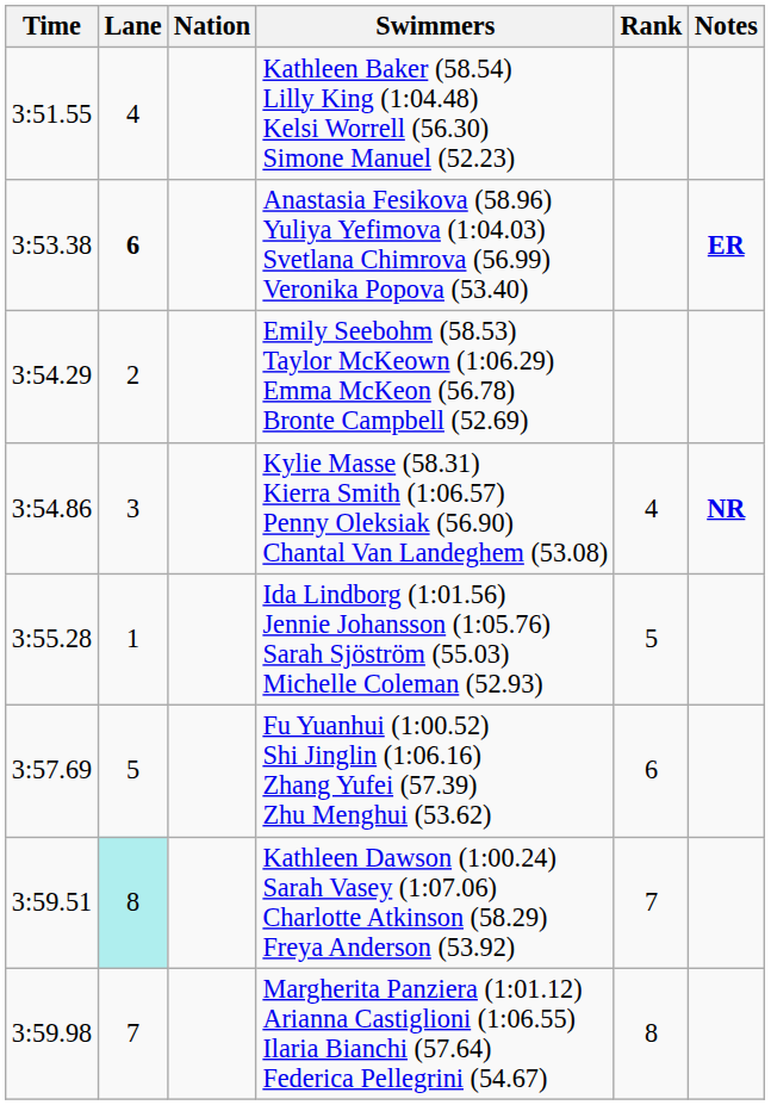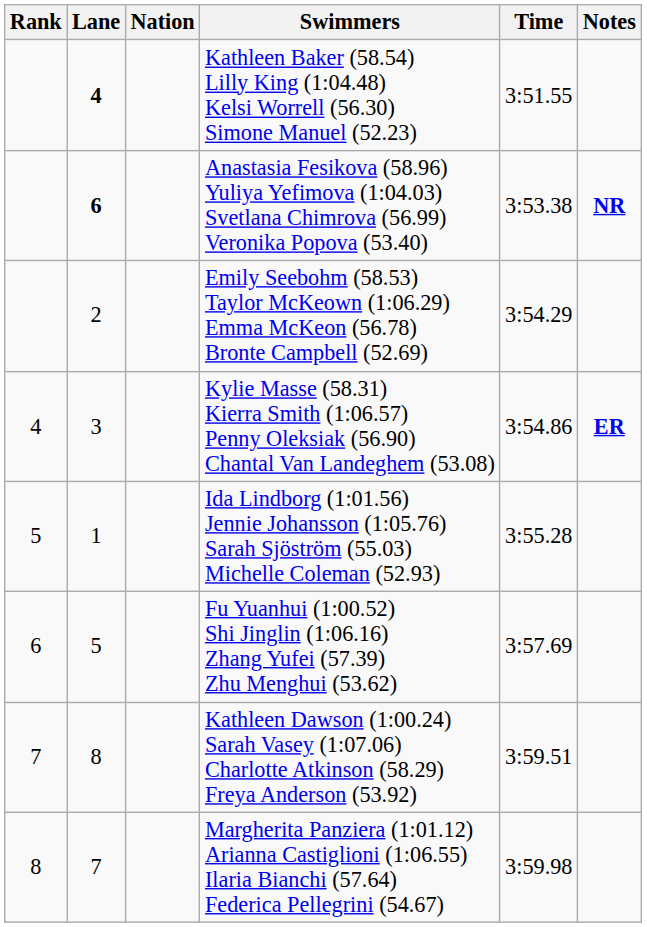 <table class="wikitable sortable" style="text-align:center">
 <tr>
-<th>Time</th>
+<th>Rank</th>
 <th>Lane</th>
 <th>Nation</th>
 <th>Swimmers</th>
-<th>Rank</th>
+<th>Time</th>
 <th>Notes</th>
 </tr>
 <tr>
-<td>3:51.55</td>
-<td>4</td>
+<td></td>
+<td><strong>4</strong></td>
 <td align=left></td>
 <td align=left><a href='#'>Kathleen Baker</a> (58.54)<br><a href='#'>Lilly King</a> (1:04.48)<br><a href='#'>Kelsi Worrell</a> (56.30)<br><a href='#'>Simone Manuel</a> (52.23)</td>
-<td></td>
+<td>3:51.55</td>
 <td></td>
 </tr>
 <tr>
-<td>3:53.38</td>
+<td></td>
 <td><strong>6</strong></td>
 <td align=left></td>
 <td align=left><a href='#'>Anastasia Fesikova</a> (58.96)<br><a href='#'>Yuliya Yefimova</a> (1:04.03)<br><a href='#'>Svetlana Chimrova</a> (56.99)<br><a href='#'>Veronika Popova</a> (53.40)</td>
+<td>3:53.38</td>
+<td><strong><a href='#'>NR</a></strong></td>
+</tr>
+<tr>
 <td></td>
+<td>2</td>
+<td align=left></td>
+<td align=left><a href='#'>Emily Seebohm</a> (58.53)<br><a href='#'>Taylor McKeown</a> (1:06.29)<br><a href='#'>Emma McKeon</a> (56.78)<br><a href='#'>Bronte Campbell</a> (52.69)</td>
+<td>3:54.29</td>
+<td></td>
+</tr>
+<tr>
+<td>4</td>
+<td>3</td>
+<td align=left></td>
+<td align=left><a href='#'>Kylie Masse</a> (58.31)<br><a href='#'>Kierra Smith</a> (1:06.57)<br><a href='#'>Penny Oleksiak</a> (56.90)<br><a href='#'>Chantal Van Landeghem</a> (53.08)</td>
+<td>3:54.86</td>
 <td><strong><a href='#'>ER</a></strong></td>
 </tr>
 <tr>
-<td>3:54.29</td>
-<td>2</td>
+<td>5</td>
+<td>1</td>
 <td align=left></td>
-<td align=left><a href='#'>Emily Seebohm</a> (58.53)<br><a href='#'>Taylor McKeown</a> (1:06.29)<br><a href='#'>Emma McKeon</a> (56.78)<br><a href='#'>Bronte Campbell</a> (52.69)</td>
-<td></td>
+<td align=left><a href='#'>Ida Lindborg</a> (1:01.56)<br><a href='#'>Jennie Johansson</a> (1:05.76)<br><a href='#'>Sarah Sjöström</a> (55.03)<br><a href='#'>Michelle Coleman</a> (52.93)</td>
+<td>3:55.28</td>
 <td></td>
 </tr>
 <tr>
-<td>3:54.86</td>
-<td>3</td>
+<td>6</td>
+<td>5</td>
 <td align=left></td>
-<td align=left><a href='#'>Kylie Masse</a> (58.31)<br><a href='#'>Kierra Smith</a> (1:06.57)<br><a href='#'>Penny Oleksiak</a> (56.90)<br><a href='#'>Chantal Van Landeghem</a> (53.08)</td>
-<td>4</td>
-<td><strong><a href='#'>NR</a></strong></td>
-</tr>
-<tr>
-<td>3:55.28</td>
-<td>1</td>
-<td align=left></td>
-<td align=left><a href='#'>Ida Lindborg</a> (1:01.56)<br><a href='#'>Jennie Johansson</a> (1:05.76)<br><a href='#'>Sarah Sjöström</a> (55.03)<br><a href='#'>Michelle Coleman</a> (52.93)</td>
-<td>5</td>
+<td align=left><a href='#'>Fu Yuanhui</a> (1:00.52)<br><a href='#'>Shi Jinglin</a> (1:06.16)<br><a href='#'>Zhang Yufei</a> (57.39)<br><a href='#'>Zhu Menghui</a> (53.62)</td>
+<td>3:57.69</td>
 <td></td>
 </tr>
 <tr>
-<td>3:57.69</td>
-<td>5</td>
+<td>7</td>
+<td>8</td>
 <td align=left></td>
-<td align=left><a href='#'>Fu Yuanhui</a> (1:00.52)<br><a href='#'>Shi Jinglin</a> (1:06.16)<br><a href='#'>Zhang Yufei</a> (57.39)<br><a href='#'>Zhu Menghui</a> (53.62)</td>
-<td>6</td>
+<td align=left><a href='#'>Kathleen Dawson</a> (1:00.24)<br><a href='#'>Sarah Vasey</a> (1:07.06)<br><a href='#'>Charlotte Atkinson</a> (58.29)<br><a href='#'>Freya Anderson</a> (53.92)</td>
+<td>3:59.51</td>
 <td></td>
 </tr>
 <tr>
-<td>3:59.51</td>
-<td style="background: paleturquoise;">8</td>
-<td align=left></td>
-<td align=left><a href='#'>Kathleen Dawson</a> (1:00.24)<br><a href='#'>Sarah Vasey</a> (1:07.06)<br><a href='#'>Charlotte Atkinson</a> (58.29)<br><a href='#'>Freya Anderson</a> (53.92)</td>
-<td>7</td>
-<td></td>
-</tr>
-<tr>
-<td>3:59.98</td>
+<td>8</td>
 <td>7</td>
 <td align=left></td>
 <td align=left><a href='#'>Margherita Panziera</a> (1:01.12)<br><a href='#'>Arianna Castiglioni</a> (1:06.55)<br><a href='#'>Ilaria Bianchi</a> (57.64)<br><a href='#'>Federica Pellegrini</a> (54.67)</td>
-<td>8</td>
+<td>3:59.98</td>
 <td></td>
 </tr>
 </table>
